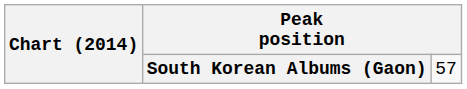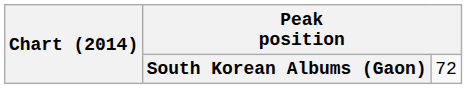 <table class="wikitable sortable plainrowheaders" style="text-align:center">
 <tr>
 <th rowspan=2>Chart (2014)</th>
 <th colspan=2>Peak<br>position</th>
 </tr>
 <tr>
 <th scope="row">South Korean Albums (Gaon)</th>
-<td>57</td>
+<td>72</td>
 </tr>
 </table>
